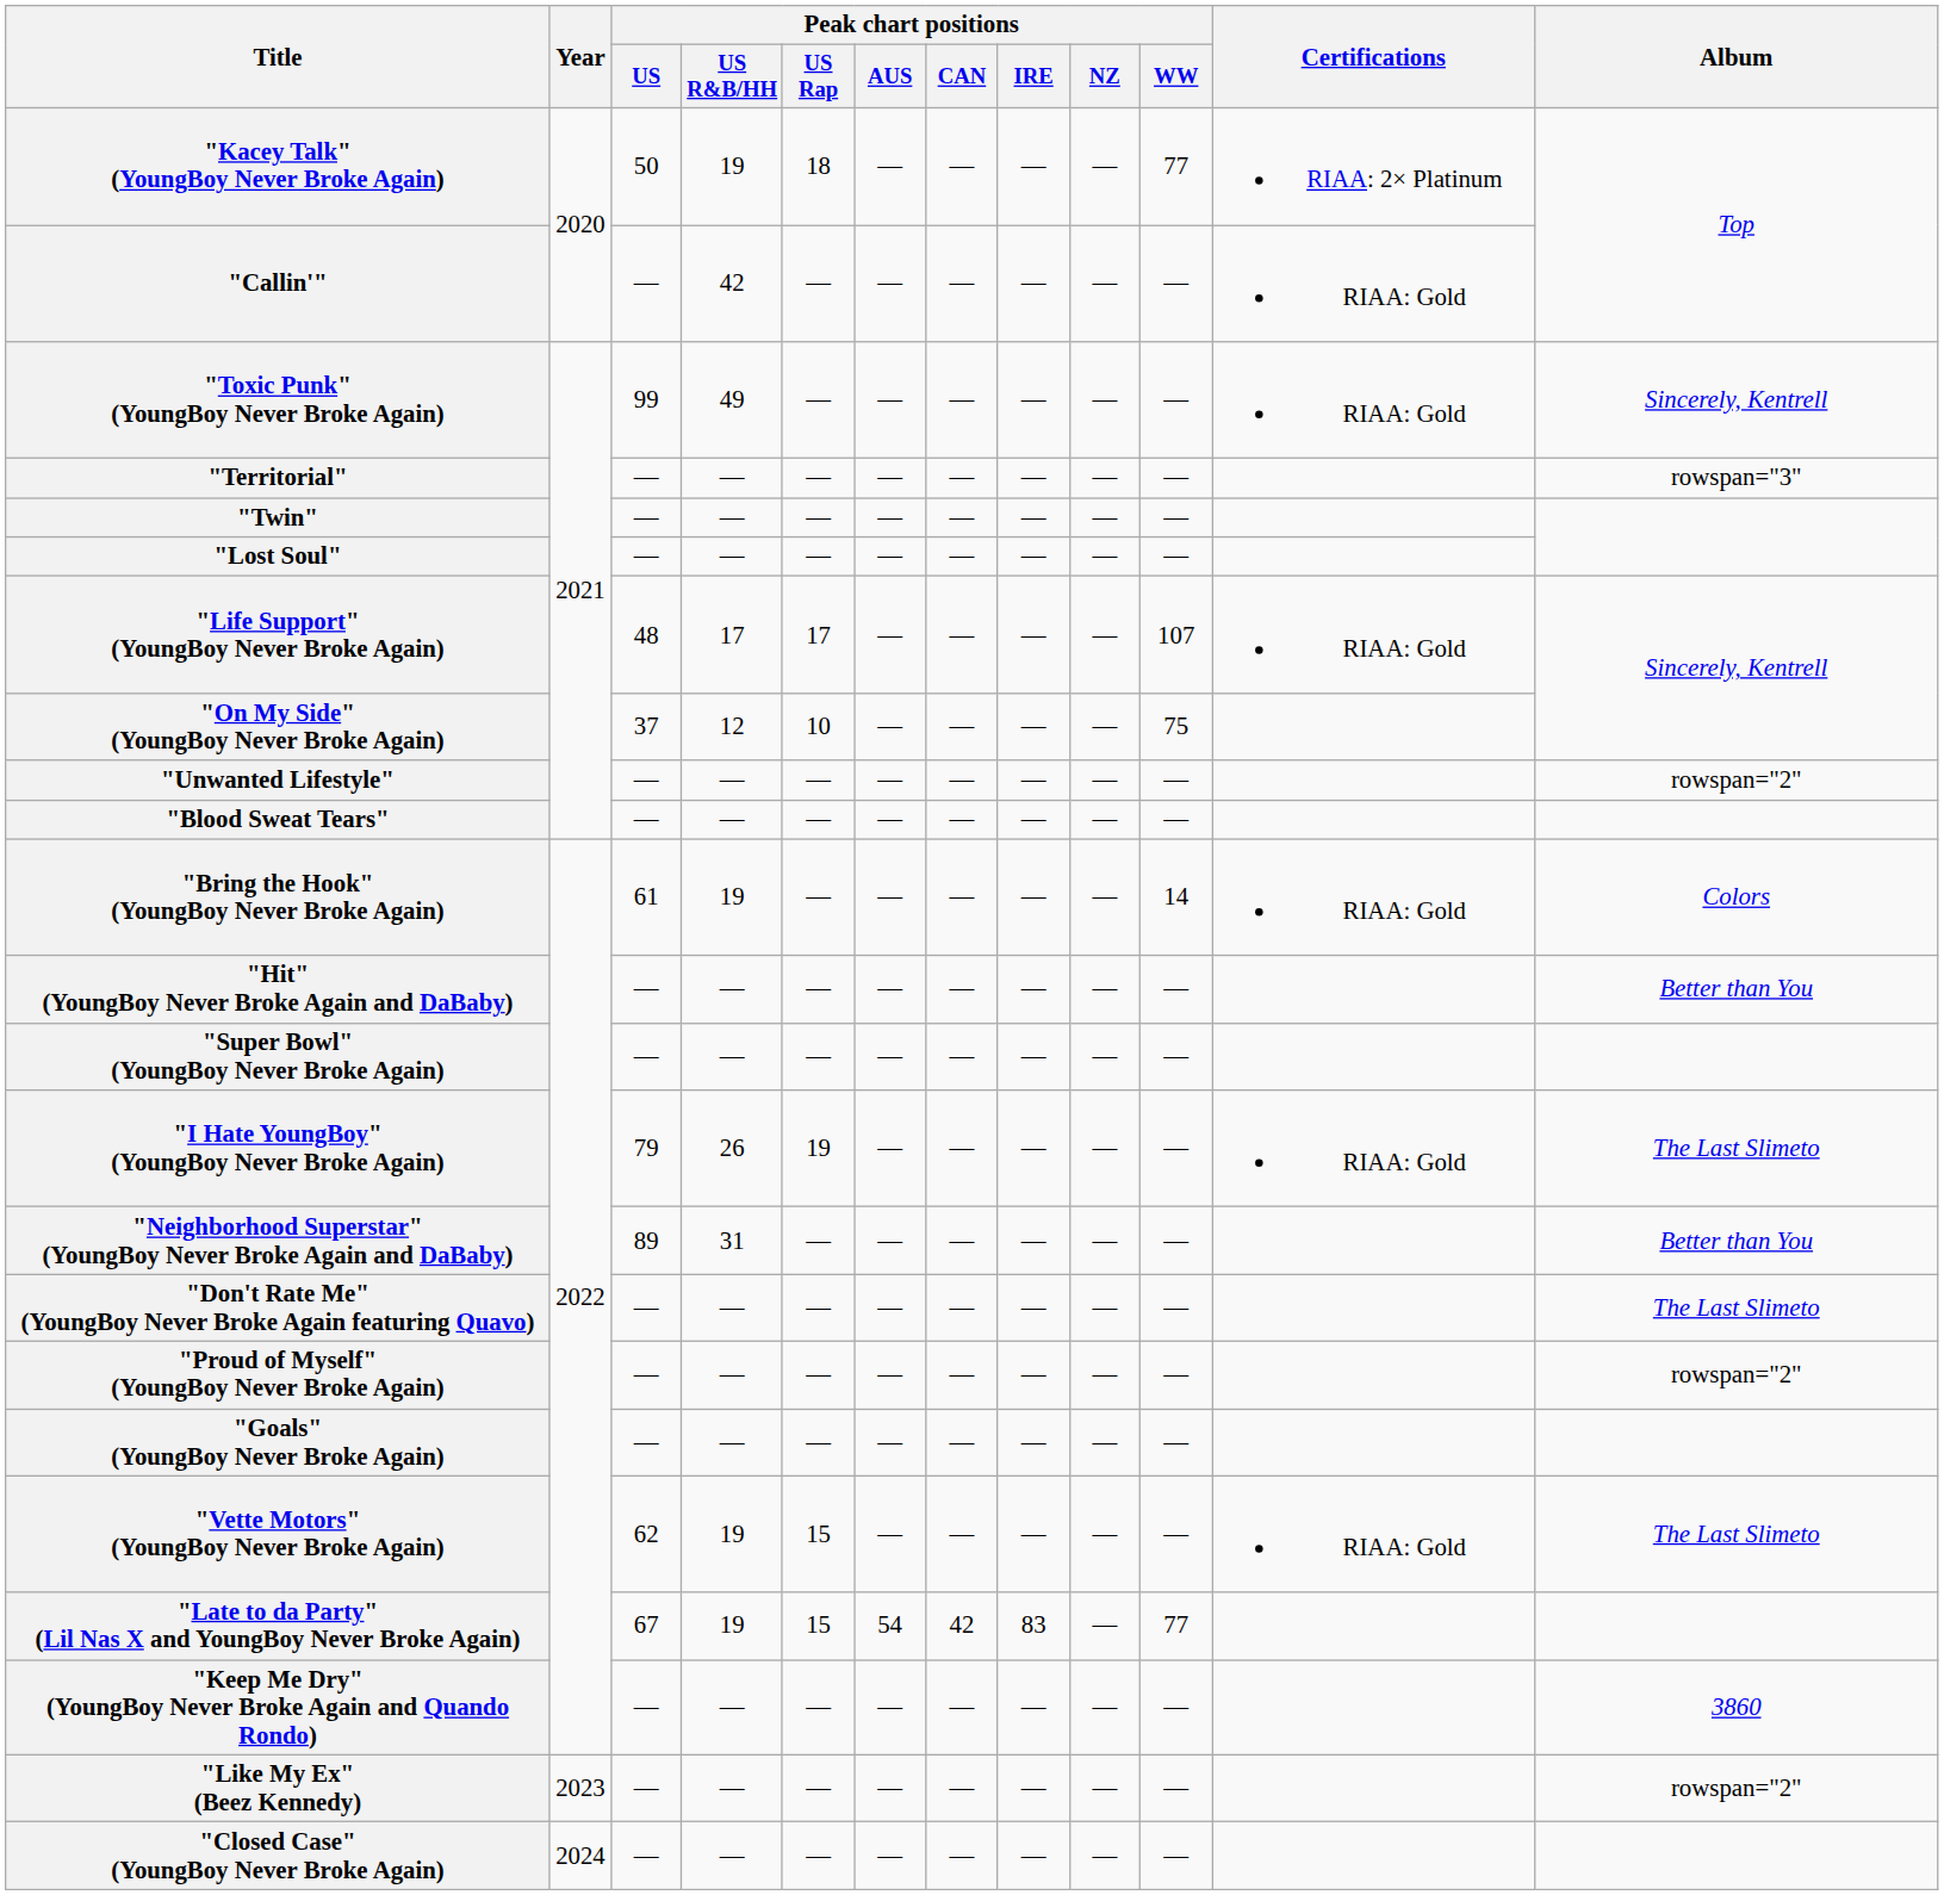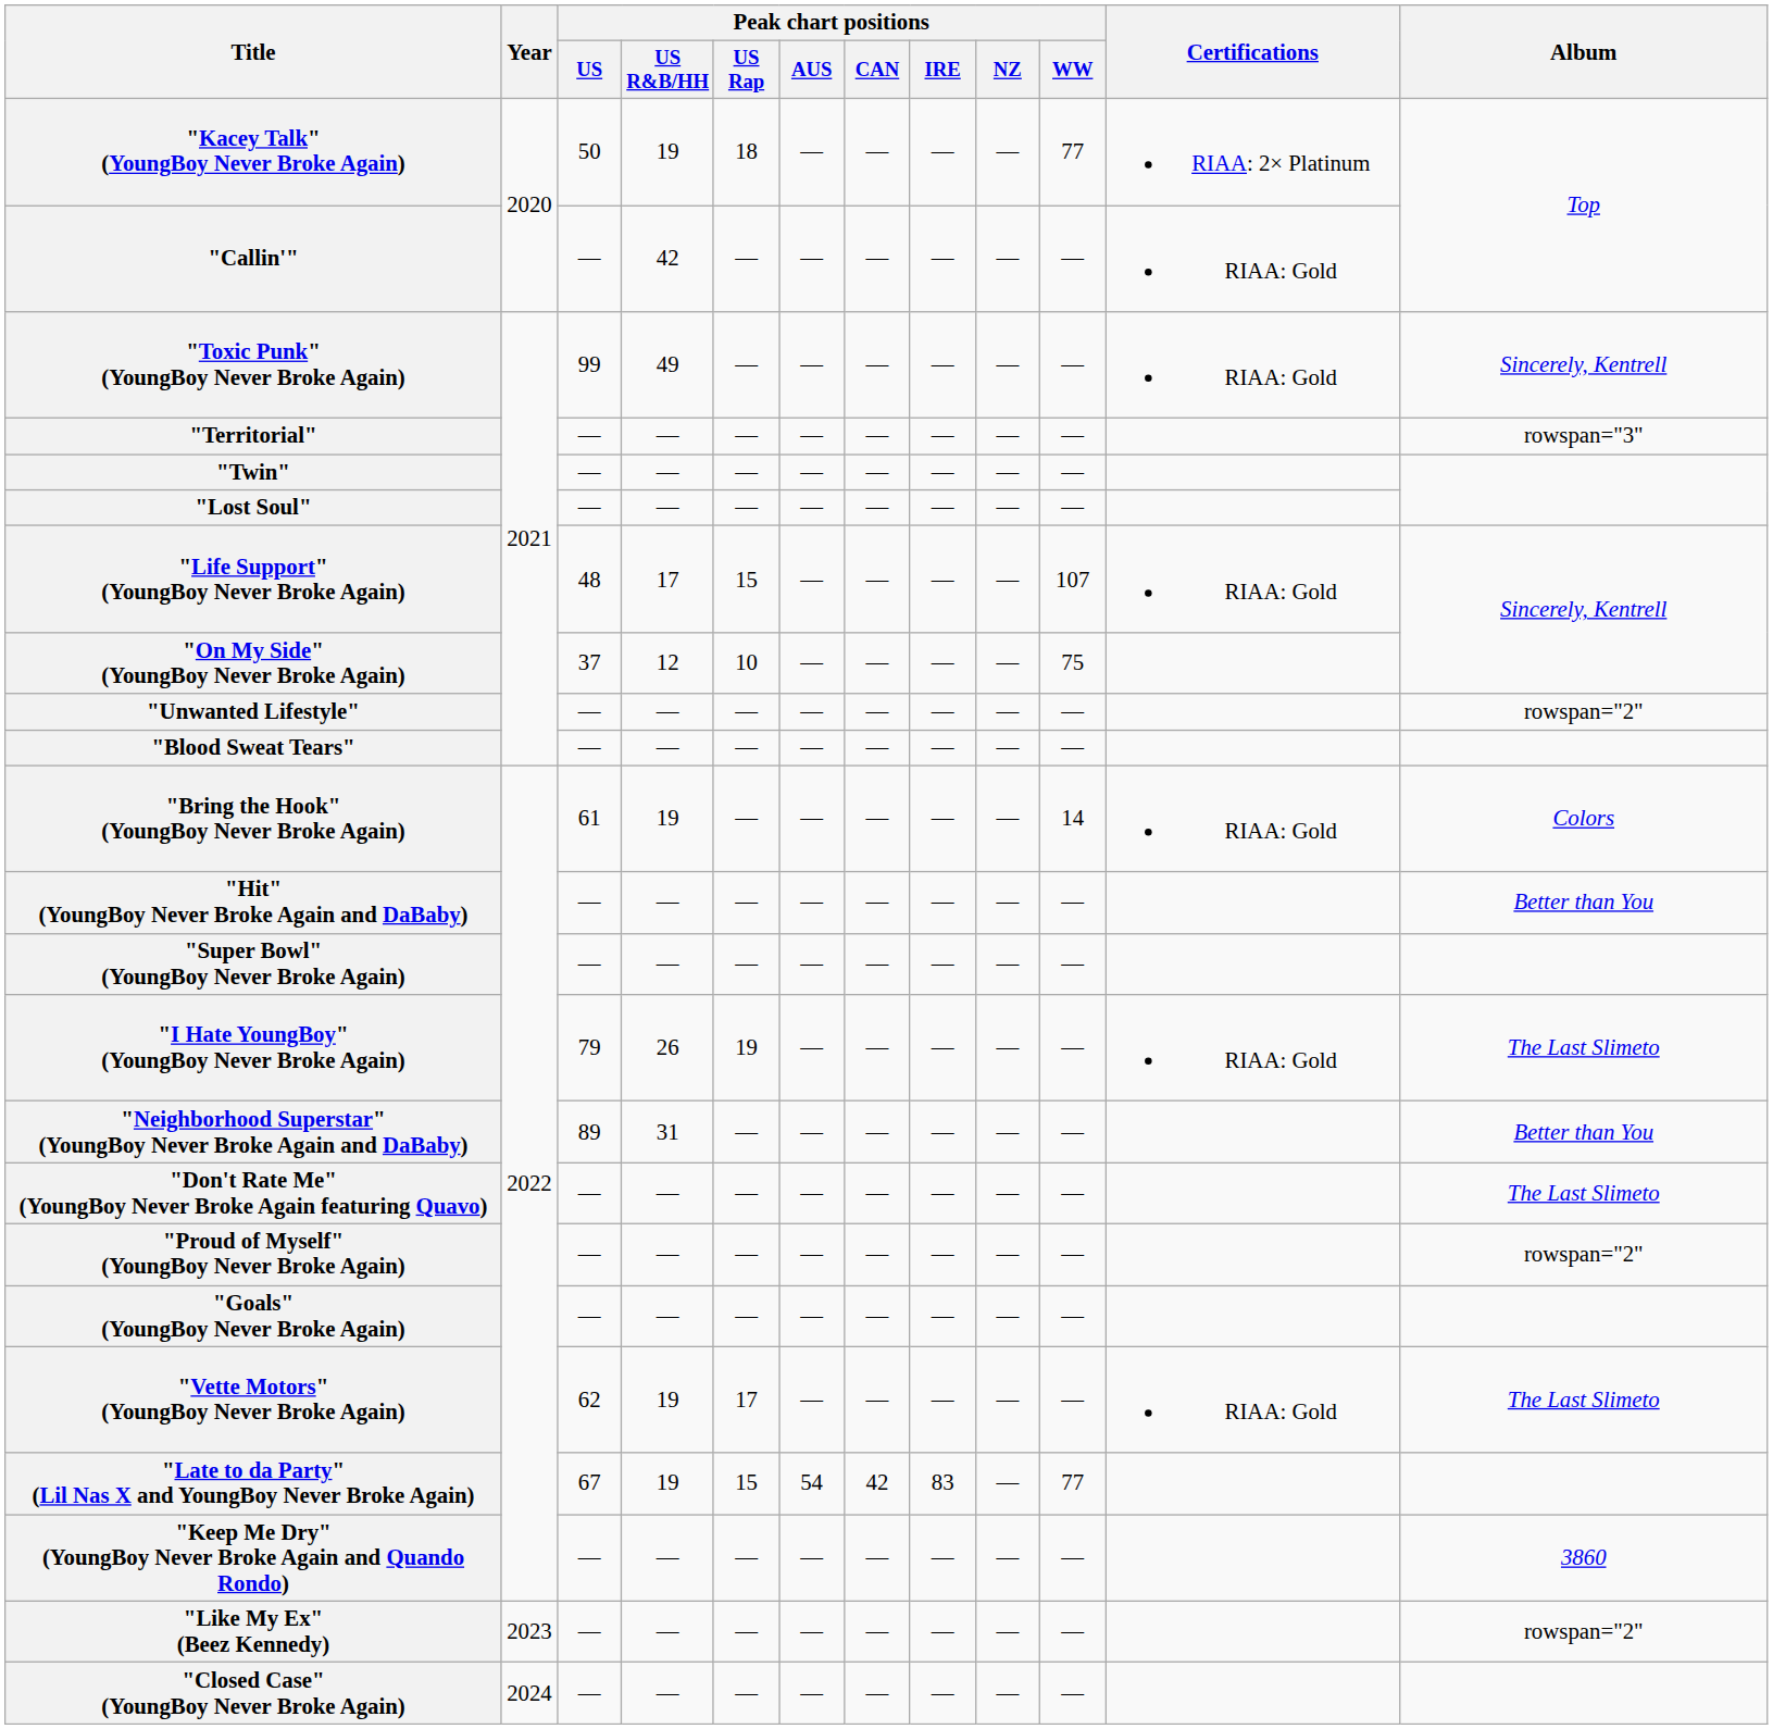 <table class="wikitable plainrowheaders" style="text-align:center;">
 <tr>
 <th scope="col" rowspan="2" style="width:22.5em;">Title</th>
 <th scope="col" rowspan="2" style="width:1em;">Year</th>
 <th scope="col" colspan="8">Peak chart positions</th>
 <th scope="col" rowspan="2" style="width:13em;"><a href='#'>Certifications</a></th>
 <th scope="col" rowspan="2" style="width:16.5em;">Album</th>
 </tr>
 <tr>
 <th scope="col" style="width:2.8em;font-size:90%;"><a href='#'>US</a></th>
 <th scope="col" style="width:2.8em;font-size:90%;"><a href='#'>US<br>R&B/HH</a></th>
 <th scope="col" style="width:2.8em;font-size:90%;"><a href='#'>US<br>Rap</a></th>
 <th scope="col" style="width:2.8em;font-size:90%;"><a href='#'>AUS</a></th>
 <th scope="col" style="width:2.8em;font-size:90%;"><a href='#'>CAN</a></th>
 <th scope="col" style="width:2.8em;font-size:90%;"><a href='#'>IRE</a></th>
 <th scope="col" style="width:2.8em;font-size:90%;"><a href='#'>NZ</a></th>
 <th scope="col" style="width:2.8em;font-size:90%;"><a href='#'>WW</a></th>
 </tr>
 <tr>
 <th scope="row">"<a href='#'>Kacey Talk</a>"<br><span>(<a href='#'>YoungBoy Never Broke Again</a>)</span></th>
 <td rowspan="2">2020</td>
 <td>50</td>
 <td>19</td>
 <td>18</td>
 <td>—</td>
 <td>—</td>
 <td>—</td>
 <td>—</td>
 <td>77</td>
 <td><br><ul><li><a href='#'>RIAA</a>: 2× Platinum</li></ul></td>
 <td rowspan="2"><em><a href='#'>Top</a></em></td>
 </tr>
 <tr>
 <th scope="row">"Callin'"<br></th>
 <td>—</td>
 <td>42</td>
 <td>—</td>
 <td>—</td>
 <td>—</td>
 <td>—</td>
 <td>—</td>
 <td>—</td>
 <td><br><ul><li>RIAA: Gold</li></ul></td>
 </tr>
 <tr>
 <th scope="row">"<a href='#'>Toxic Punk</a>"<br><span>(YoungBoy Never Broke Again)</span></th>
 <td rowspan="8">2021</td>
 <td>99</td>
 <td>49</td>
 <td>—</td>
 <td>—</td>
 <td>—</td>
 <td>—</td>
 <td>—</td>
 <td>—</td>
 <td><br><ul><li>RIAA: Gold</li></ul></td>
 <td><em><a href='#'>Sincerely, Kentrell</a></em></td>
 </tr>
 <tr>
 <th scope="row">"Territorial"<br></th>
 <td>—</td>
 <td>—</td>
 <td>—</td>
 <td>—</td>
 <td>—</td>
 <td>—</td>
 <td>—</td>
 <td>—</td>
 <td></td>
 <td>rowspan="3" </td>
 </tr>
 <tr>
 <th scope="row">"Twin"<br></th>
 <td>—</td>
 <td>—</td>
 <td>—</td>
 <td>—</td>
 <td>—</td>
 <td>—</td>
 <td>—</td>
 <td>—</td>
 <td></td>
 </tr>
 <tr>
 <th scope="row">"Lost Soul"<br></th>
 <td>—</td>
 <td>—</td>
 <td>—</td>
 <td>—</td>
 <td>—</td>
 <td>—</td>
 <td>—</td>
 <td>—</td>
 <td></td>
 </tr>
 <tr>
 <th scope="row">"<a href='#'>Life Support</a>"<br><span>(YoungBoy Never Broke Again)</span></th>
 <td>48</td>
 <td>17</td>
-<td>17</td>
+<td>15</td>
 <td>—</td>
 <td>—</td>
 <td>—</td>
 <td>—</td>
 <td>107</td>
 <td><br><ul><li>RIAA: Gold</li></ul></td>
 <td rowspan="2"><em><a href='#'>Sincerely, Kentrell</a></em></td>
 </tr>
 <tr>
 <th scope="row">"<a href='#'>On My Side</a>"<br><span>(YoungBoy Never Broke Again)</span></th>
 <td>37</td>
 <td>12</td>
 <td>10</td>
 <td>—</td>
 <td>—</td>
 <td>—</td>
 <td>—</td>
 <td>75</td>
 <td></td>
 </tr>
 <tr>
 <th scope="row">"Unwanted Lifestyle"<br></th>
 <td>—</td>
 <td>—</td>
 <td>—</td>
 <td>—</td>
 <td>—</td>
 <td>—</td>
 <td>—</td>
 <td>—</td>
 <td></td>
 <td>rowspan="2" </td>
 </tr>
 <tr>
 <th scope="row">"Blood Sweat Tears"<br></th>
 <td>—</td>
 <td>—</td>
 <td>—</td>
 <td>—</td>
 <td>—</td>
 <td>—</td>
 <td>—</td>
 <td>—</td>
 <td></td>
 </tr>
 <tr>
 <th scope="row">"Bring the Hook"<br><span>(YoungBoy Never Broke Again)</span></th>
 <td rowspan="11">2022</td>
 <td>61</td>
 <td>19</td>
 <td>—</td>
 <td>—</td>
 <td>—</td>
 <td>—</td>
 <td>—</td>
 <td>14</td>
 <td><br><ul><li>RIAA: Gold</li></ul></td>
 <td><em><a href='#'>Colors</a></em></td>
 </tr>
 <tr>
 <th scope="row">"Hit"<br><span>(YoungBoy Never Broke Again and <a href='#'>DaBaby</a>)</span></th>
 <td>—</td>
 <td>—</td>
 <td>—</td>
 <td>—</td>
 <td>—</td>
 <td>—</td>
 <td>—</td>
 <td>—</td>
 <td></td>
 <td><em><a href='#'>Better than You</a></em></td>
 </tr>
 <tr>
 <th scope="row">"Super Bowl"<br><span>(YoungBoy Never Broke Again)</span></th>
 <td>—</td>
 <td>—</td>
 <td>—</td>
 <td>—</td>
 <td>—</td>
 <td>—</td>
 <td>—</td>
 <td>—</td>
 <td></td>
 <td></td>
 </tr>
 <tr>
 <th scope="row">"<a href='#'>I Hate YoungBoy</a>"<br><span>(YoungBoy Never Broke Again)</span></th>
 <td>79</td>
 <td>26</td>
 <td>19</td>
 <td>—</td>
 <td>—</td>
 <td>—</td>
 <td>—</td>
 <td>—</td>
 <td><br><ul><li>RIAA: Gold</li></ul></td>
 <td><em><a href='#'>The Last Slimeto</a></em></td>
 </tr>
 <tr>
 <th scope="row">"<a href='#'>Neighborhood Superstar</a>"<br><span>(YoungBoy Never Broke Again and <a href='#'>DaBaby</a>)</span></th>
 <td>89</td>
 <td>31</td>
 <td>—</td>
 <td>—</td>
 <td>—</td>
 <td>—</td>
 <td>—</td>
 <td>—</td>
 <td></td>
 <td><em><a href='#'>Better than You</a></em></td>
 </tr>
 <tr>
 <th scope="row">"Don't Rate Me"<br><span>(YoungBoy Never Broke Again featuring <a href='#'>Quavo</a>)</span></th>
 <td>—</td>
 <td>—</td>
 <td>—</td>
 <td>—</td>
 <td>—</td>
 <td>—</td>
 <td>—</td>
 <td>—</td>
 <td></td>
 <td><em><a href='#'>The Last Slimeto</a></em></td>
 </tr>
 <tr>
 <th scope="row">"Proud of Myself"<br><span>(YoungBoy Never Broke Again)</span></th>
 <td>—</td>
 <td>—</td>
 <td>—</td>
 <td>—</td>
 <td>—</td>
 <td>—</td>
 <td>—</td>
 <td>—</td>
 <td></td>
 <td>rowspan="2" </td>
 </tr>
 <tr>
 <th scope="row">"Goals"<br><span>(YoungBoy Never Broke Again)</span></th>
 <td>—</td>
 <td>—</td>
 <td>—</td>
 <td>—</td>
 <td>—</td>
 <td>—</td>
 <td>—</td>
 <td>—</td>
 <td></td>
 </tr>
 <tr>
 <th scope="row">"<a href='#'>Vette Motors</a>"<br><span>(YoungBoy Never Broke Again)</span></th>
 <td>62</td>
 <td>19</td>
-<td>15</td>
+<td>17</td>
 <td>—</td>
 <td>—</td>
 <td>—</td>
 <td>—</td>
 <td>—</td>
 <td><br><ul><li>RIAA: Gold</li></ul></td>
 <td><em><a href='#'>The Last Slimeto</a></em></td>
 </tr>
 <tr>
 <th scope="row">"<a href='#'>Late to da Party</a>"<br><span>(<a href='#'>Lil Nas X</a> and YoungBoy Never Broke Again)</span></th>
 <td>67</td>
 <td>19</td>
 <td>15</td>
 <td>54</td>
 <td>42</td>
 <td>83<br></td>
 <td>—</td>
 <td>77</td>
 <td></td>
 <td></td>
 </tr>
 <tr>
 <th scope="row">"Keep Me Dry"<br><span>(YoungBoy Never Broke Again and <a href='#'>Quando Rondo</a>)</span></th>
 <td>—</td>
 <td>—</td>
 <td>—</td>
 <td>—</td>
 <td>—</td>
 <td>—</td>
 <td>—</td>
 <td>—</td>
 <td></td>
 <td><em><a href='#'>3860</a></em></td>
 </tr>
 <tr>
 <th scope="row">"Like My Ex"<br><span>(Beez Kennedy)</span></th>
 <td>2023</td>
 <td>—</td>
 <td>—</td>
 <td>—</td>
 <td>—</td>
 <td>—</td>
 <td>—</td>
 <td>—</td>
 <td>—</td>
 <td></td>
 <td>rowspan="2" </td>
 </tr>
 <tr>
 <th scope="row">"Closed Case"<br><span>(YoungBoy Never Broke Again)</span></th>
 <td>2024</td>
 <td>—</td>
 <td>—</td>
 <td>—</td>
 <td>—</td>
 <td>—</td>
 <td>—</td>
 <td>—</td>
 <td>—</td>
 <td></td>
 </tr>
 </table>
